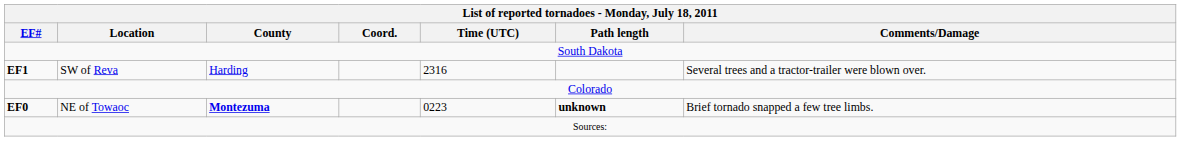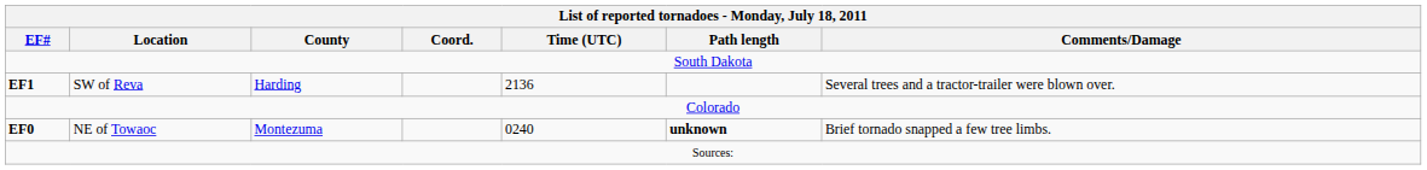 <table class="wikitable collapsible" width="100%">
 <tr>
 <th colspan="7">List of reported tornadoes - Monday, July 18, 2011</th>
 </tr>
 <tr>
 <th><a href='#'>EF#</a></th>
 <th>Location</th>
 <th>County</th>
 <th>Coord.</th>
 <th>Time (UTC)</th>
 <th>Path length</th>
 <th>Comments/Damage</th>
 </tr>
 <tr>
 <td colspan="7" align=center><a href='#'>South Dakota</a></td>
 </tr>
 <tr>
 <td><strong>EF1</strong></td>
 <td>SW of <a href='#'>Reva</a></td>
 <td><a href='#'>Harding</a></td>
 <td></td>
-<td>2316</td>
+<td>2136</td>
 <td></td>
 <td>Several trees and a tractor-trailer were blown over.</td>
 </tr>
 <tr>
 <td colspan="7" align=center><a href='#'>Colorado</a></td>
 </tr>
 <tr>
 <td><strong>EF0</strong></td>
 <td>NE of <a href='#'>Towaoc</a></td>
-<td><strong><a href='#'>Montezuma</a></strong></td>
+<td><a href='#'>Montezuma</a></td>
 <td></td>
-<td>0223</td>
+<td>0240</td>
 <td><strong>unknown</strong></td>
 <td>Brief tornado snapped a few tree limbs.</td>
 </tr>
 <tr>
 <td colspan="7" align=center><small>Sources: </small></td>
 </tr>
 </table>
